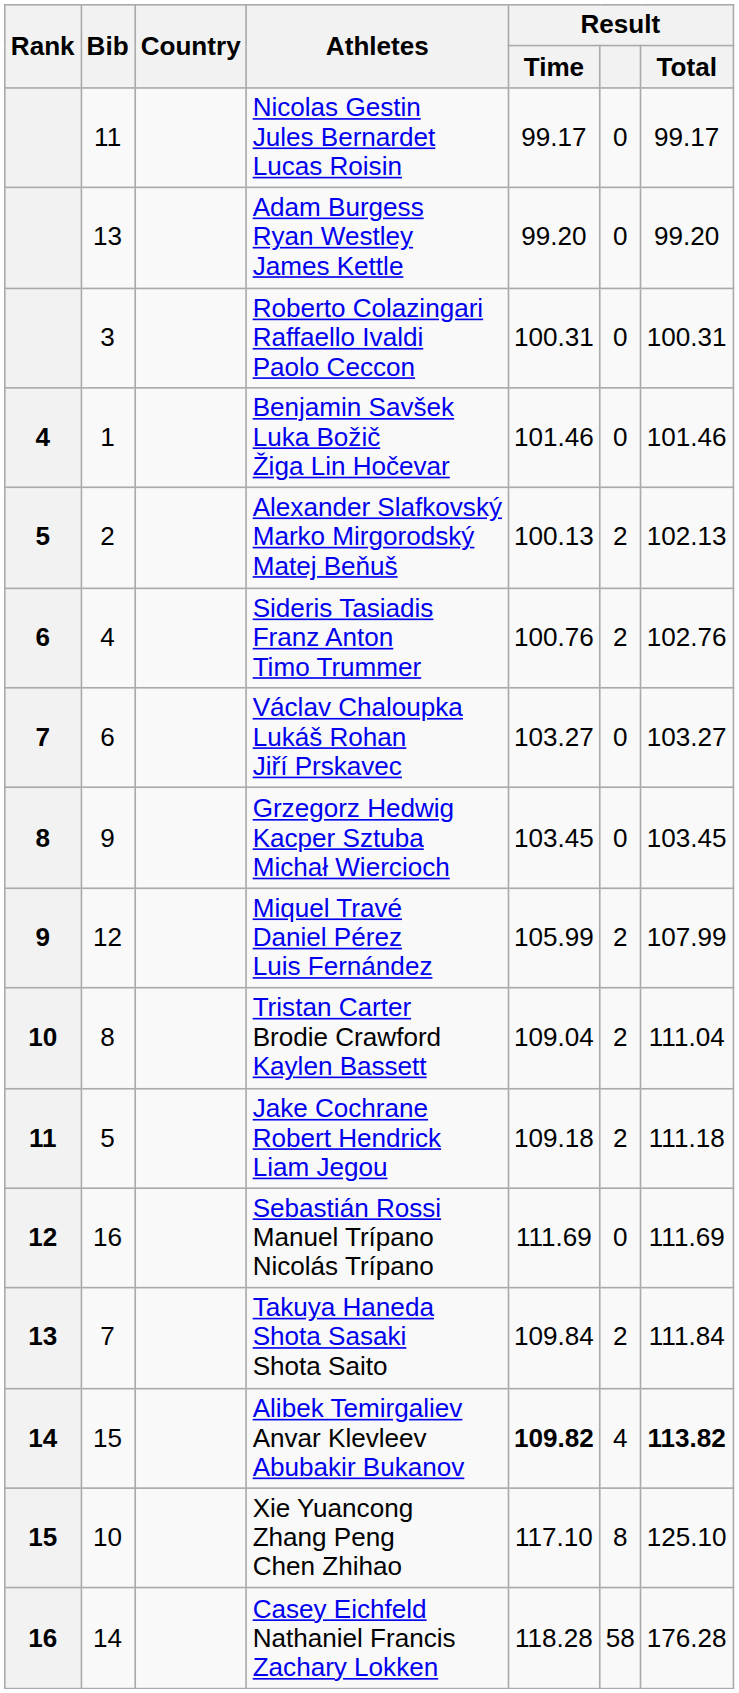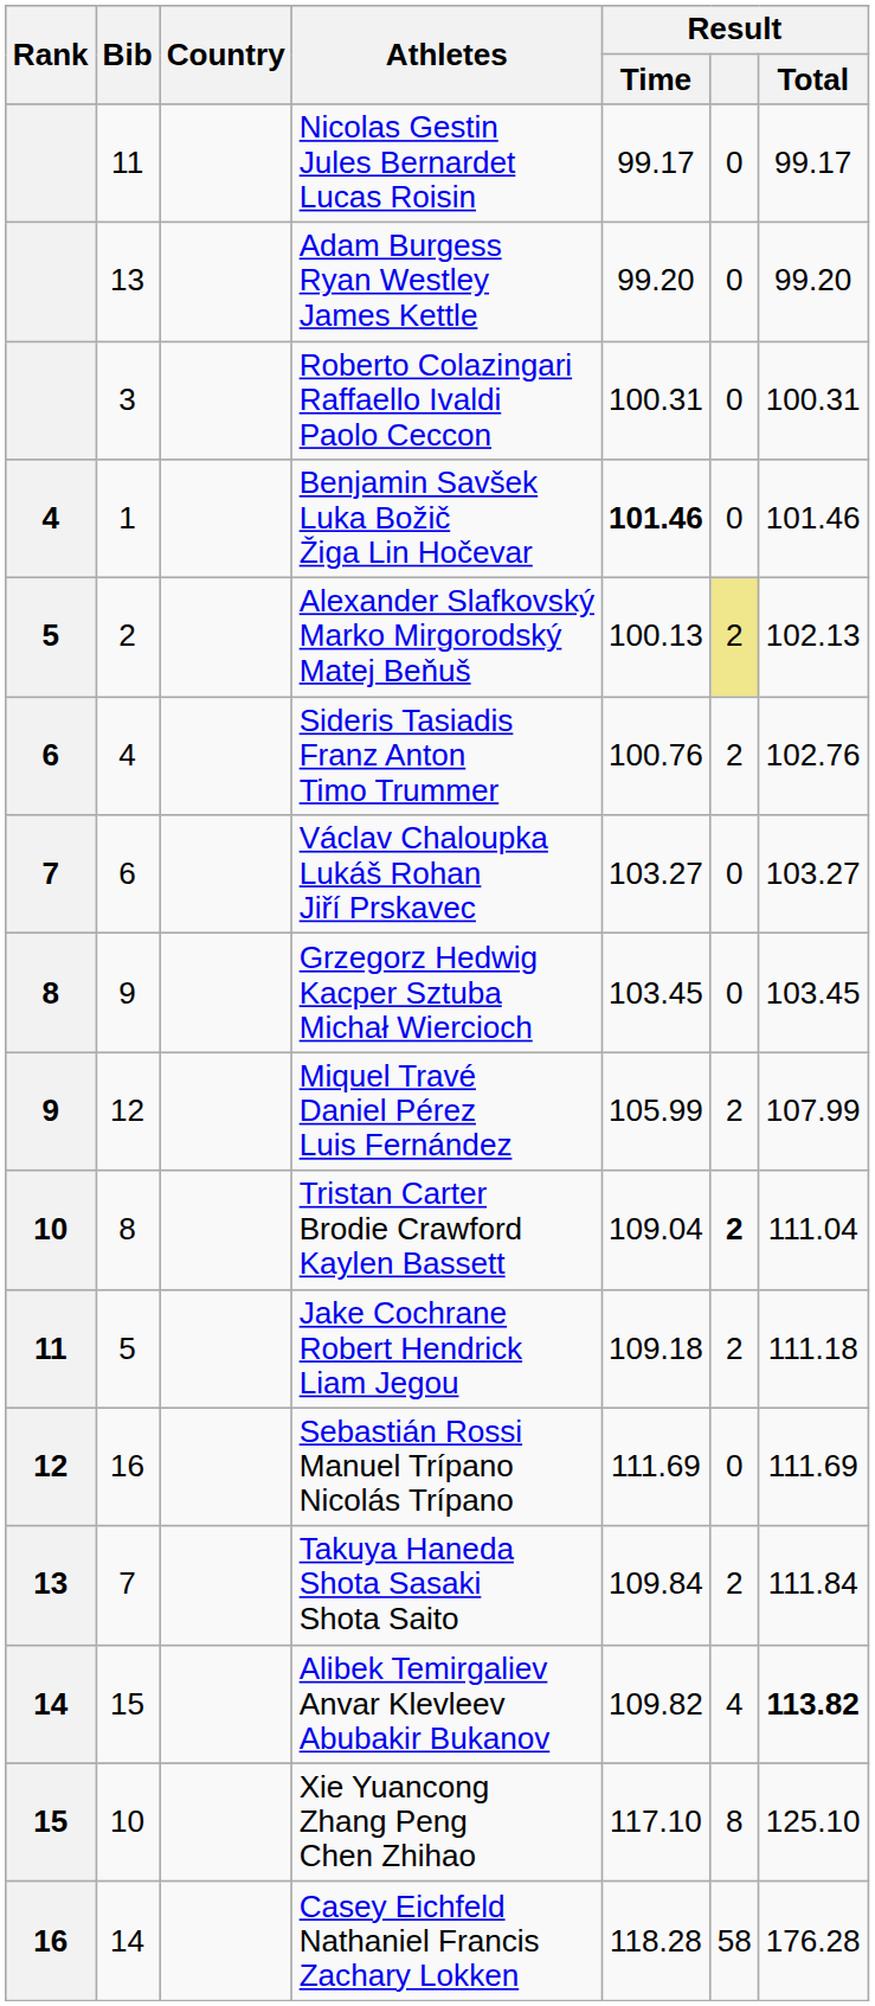 <table class="wikitable" style="text-align:center">
 <tr>
 <th rowspan=2>Rank</th>
 <th rowspan=2>Bib</th>
 <th rowspan=2>Country</th>
 <th rowspan=2>Athletes</th>
 <th colspan=3>Result</th>
 </tr>
 <tr>
 <th>Time</th>
 <th></th>
 <th>Total</th>
 </tr>
 <tr>
 <th></th>
 <td>11</td>
 <td align=left></td>
 <td align=left><a href='#'>Nicolas Gestin</a><br><a href='#'>Jules Bernardet</a><br><a href='#'>Lucas Roisin</a></td>
 <td>99.17</td>
 <td>0</td>
 <td>99.17</td>
 </tr>
 <tr>
 <th></th>
 <td>13</td>
 <td align=left></td>
 <td align=left><a href='#'>Adam Burgess</a><br><a href='#'>Ryan Westley</a><br><a href='#'>James Kettle</a></td>
 <td>99.20</td>
 <td>0</td>
 <td>99.20</td>
 </tr>
 <tr>
 <th></th>
 <td>3</td>
 <td align=left></td>
 <td align=left><a href='#'>Roberto Colazingari</a><br><a href='#'>Raffaello Ivaldi</a><br><a href='#'>Paolo Ceccon</a></td>
 <td>100.31</td>
 <td>0</td>
 <td>100.31</td>
 </tr>
 <tr>
 <th>4</th>
 <td>1</td>
 <td align=left></td>
 <td align=left><a href='#'>Benjamin Savšek</a><br><a href='#'>Luka Božič</a><br><a href='#'>Žiga Lin Hočevar</a></td>
-<td>101.46</td>
+<td><strong>101.46</strong></td>
 <td>0</td>
 <td>101.46</td>
 </tr>
 <tr>
 <th>5</th>
 <td>2</td>
 <td align=left></td>
 <td align=left><a href='#'>Alexander Slafkovský</a><br><a href='#'>Marko Mirgorodský</a><br><a href='#'>Matej Beňuš</a></td>
 <td>100.13</td>
-<td>2</td>
+<td style="background: khaki;">2</td>
 <td>102.13</td>
 </tr>
 <tr>
 <th>6</th>
 <td>4</td>
 <td align=left></td>
 <td align=left><a href='#'>Sideris Tasiadis</a><br><a href='#'>Franz Anton</a><br><a href='#'>Timo Trummer</a></td>
 <td>100.76</td>
 <td>2</td>
 <td>102.76</td>
 </tr>
 <tr>
 <th>7</th>
 <td>6</td>
 <td align=left></td>
 <td align=left><a href='#'>Václav Chaloupka</a><br><a href='#'>Lukáš Rohan</a><br><a href='#'>Jiří Prskavec</a></td>
 <td>103.27</td>
 <td>0</td>
 <td>103.27</td>
 </tr>
 <tr>
 <th>8</th>
 <td>9</td>
 <td align=left></td>
 <td align=left><a href='#'>Grzegorz Hedwig</a><br><a href='#'>Kacper Sztuba</a><br><a href='#'>Michał Wiercioch</a></td>
 <td>103.45</td>
 <td>0</td>
 <td>103.45</td>
 </tr>
 <tr>
 <th>9</th>
 <td>12</td>
 <td align=left></td>
 <td align=left><a href='#'>Miquel Travé</a><br><a href='#'>Daniel Pérez</a><br><a href='#'>Luis Fernández</a></td>
 <td>105.99</td>
 <td>2</td>
 <td>107.99</td>
 </tr>
 <tr>
 <th>10</th>
 <td>8</td>
 <td align=left></td>
 <td align=left><a href='#'>Tristan Carter</a><br>Brodie Crawford<br><a href='#'>Kaylen Bassett</a></td>
 <td>109.04</td>
-<td>2</td>
+<td><strong>2</strong></td>
 <td>111.04</td>
 </tr>
 <tr>
 <th>11</th>
 <td>5</td>
 <td align=left></td>
 <td align=left><a href='#'>Jake Cochrane</a><br><a href='#'>Robert Hendrick</a><br><a href='#'>Liam Jegou</a></td>
 <td>109.18</td>
 <td>2</td>
 <td>111.18</td>
 </tr>
 <tr>
 <th>12</th>
 <td>16</td>
 <td align=left></td>
 <td align=left><a href='#'>Sebastián Rossi</a><br>Manuel Trípano<br>Nicolás Trípano</td>
 <td>111.69</td>
 <td>0</td>
 <td>111.69</td>
 </tr>
 <tr>
 <th>13</th>
 <td>7</td>
 <td align=left></td>
 <td align=left><a href='#'>Takuya Haneda</a><br><a href='#'>Shota Sasaki</a><br>Shota Saito</td>
 <td>109.84</td>
 <td>2</td>
 <td>111.84</td>
 </tr>
 <tr>
 <th>14</th>
 <td>15</td>
 <td align=left></td>
 <td align=left><a href='#'>Alibek Temirgaliev</a><br>Anvar Klevleev<br><a href='#'>Abubakir Bukanov</a></td>
-<td><strong>109.82</strong></td>
+<td>109.82</td>
 <td>4</td>
 <td><strong>113.82</strong></td>
 </tr>
 <tr>
 <th>15</th>
 <td>10</td>
 <td align=left></td>
 <td align=left>Xie Yuancong<br>Zhang Peng<br>Chen Zhihao</td>
 <td>117.10</td>
 <td>8</td>
 <td>125.10</td>
 </tr>
 <tr>
 <th>16</th>
 <td>14</td>
 <td align=left></td>
 <td align=left><a href='#'>Casey Eichfeld</a><br>Nathaniel Francis<br><a href='#'>Zachary Lokken</a></td>
 <td>118.28</td>
 <td>58</td>
 <td>176.28</td>
 </tr>
 </table>
